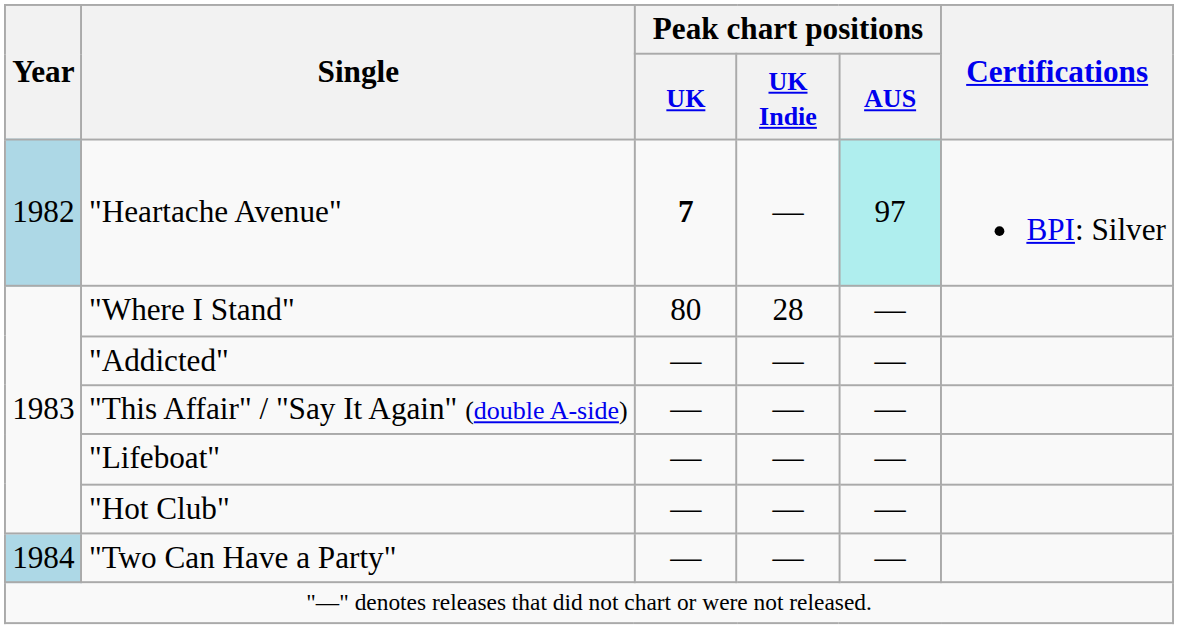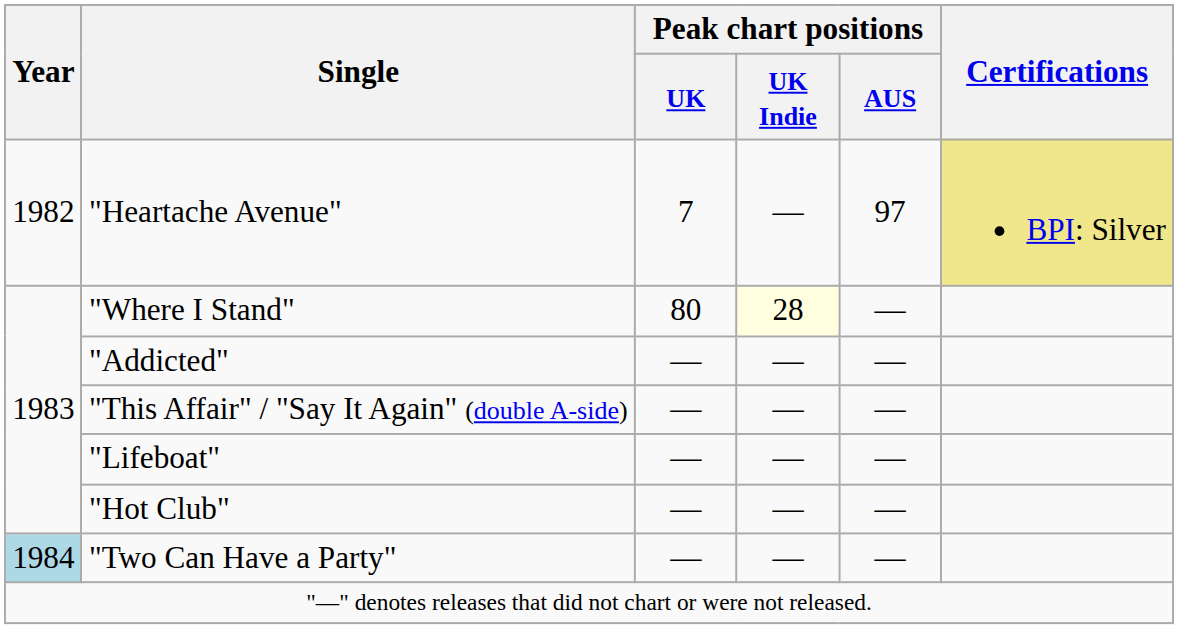 <table class="wikitable">
 <tr>
 <th scope="col" rowspan="2">Year</th>
 <th scope="col" rowspan="2">Single</th>
 <th scope="col" colspan="3">Peak chart positions</th>
 <th scope="col" rowspan="2"><a href='#'>Certifications</a></th>
 </tr>
 <tr>
 <th style="width:45px;"><small><a href='#'>UK</a></small><br></th>
 <th style="width:45px;"><small><a href='#'>UK Indie</a></small><br></th>
 <th style="width:45px;"><small><a href='#'>AUS</a></small><br></th>
 </tr>
 <tr>
-<td rowspan="1" style="background: lightblue;">1982</td>
+<td rowspan="1">1982</td>
 <td>"Heartache Avenue"</td>
-<td align=center><strong>7</strong></td>
+<td align=center>7</td>
 <td align=center>―</td>
-<td align=center style="background: paleturquoise;">97</td>
-<td><br><ul><li><a href='#'>BPI</a>: Silver</li></ul></td>
+<td align=center>97</td>
+<td style="background: khaki;"><br><ul><li><a href='#'>BPI</a>: Silver</li></ul></td>
 </tr>
 <tr>
 <td rowspan="5">1983</td>
 <td>"Where I Stand"</td>
 <td align=center>80</td>
-<td align=center>28</td>
+<td align=center style="background: lightyellow;">28</td>
 <td align=center>―</td>
 <td></td>
 </tr>
 <tr>
 <td>"Addicted"</td>
 <td align=center>―</td>
 <td align=center>―</td>
 <td align=center>―</td>
 <td></td>
 </tr>
 <tr>
 <td>"This Affair" / "Say It Again" <small>(<a href='#'>double A-side</a>)</small></td>
 <td align=center>―</td>
 <td align=center>―</td>
 <td align=center>―</td>
 <td></td>
 </tr>
 <tr>
 <td>"Lifeboat"</td>
 <td align=center>―</td>
 <td align=center>―</td>
 <td align=center>―</td>
 <td></td>
 </tr>
 <tr>
 <td>"Hot Club"</td>
 <td align=center>―</td>
 <td align=center>―</td>
 <td align=center>―</td>
 <td></td>
 </tr>
 <tr>
 <td rowspan="1" style="background: lightblue;">1984</td>
 <td>"Two Can Have a Party"</td>
 <td align=center>―</td>
 <td align=center>―</td>
 <td align=center>―</td>
 <td></td>
 </tr>
 <tr>
 <td colspan="6" style="text-align:center; font-size:9pt;">"—" denotes releases that did not chart or were not released.</td>
 </tr>
 </table>
